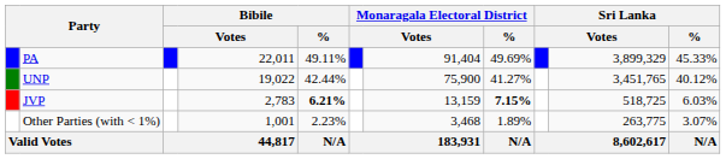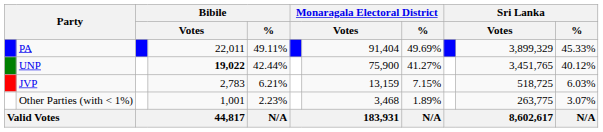 <table class="wikitable">
 <tr>
 <th colspan="2" width="144px"rowspan="2">Party</th>
 <th colspan="3" width="216px">Bibile</th>
 <th colspan="3" width="216px"><a href='#'>Monaragala Electoral District</a></th>
 <th colspan="3" width="216px">Sri Lanka</th>
 </tr>
 <tr>
 <th colspan="2" width="144px">Votes</th>
 <th>%</th>
 <th colspan="2" width="144px">Votes</th>
 <th>%</th>
 <th colspan="2" width="144px">Votes</th>
 <th>%</th>
 </tr>
 <tr>
 <td style="background-color:blue;" width="10px"></td>
 <td style="text-align:left;"><a href='#'>PA</a></td>
 <td style="background-color:blue;" width="10px"></td>
 <td style="text-align:right;">22,011</td>
 <td style="text-align:right;">49.11%</td>
 <td style="background-color:blue;" width="10px"></td>
 <td style="text-align:right;">91,404</td>
 <td style="text-align:right;">49.69%</td>
 <td style="background-color:blue;" width="10px"></td>
 <td style="text-align:right;">3,899,329</td>
 <td style="text-align:right;">45.33%</td>
 </tr>
 <tr>
 <td style="background-color:green;" width="10px"></td>
 <td style="text-align:left;"><a href='#'>UNP</a></td>
 <td style="background-color:white;" width="10px"></td>
-<td style="text-align:right;">19,022</td>
+<td style="text-align:right;"><strong>19,022</strong></td>
 <td style="text-align:right;">42.44%</td>
 <td style="background-color:white;" width="10px"></td>
 <td style="text-align:right;">75,900</td>
 <td style="text-align:right;">41.27%</td>
 <td style="background-color:white;" width="10px"></td>
 <td style="text-align:right;">3,451,765</td>
 <td style="text-align:right;">40.12%</td>
 </tr>
 <tr>
 <td style="background-color:red;" width="10px"></td>
 <td style="text-align:left;"><a href='#'>JVP</a></td>
 <td style="background-color:white;" width="10px"></td>
 <td style="text-align:right;">2,783</td>
-<td style="text-align:right;"><strong>6.21%</strong></td>
+<td style="text-align:right;">6.21%</td>
 <td style="background-color:white;" width="10px"></td>
 <td style="text-align:right;">13,159</td>
-<td style="text-align:right;"><strong>7.15%</strong></td>
+<td style="text-align:right;">7.15%</td>
 <td style="background-color:white;" width="10px"></td>
 <td style="text-align:right;">518,725</td>
 <td style="text-align:right;">6.03%</td>
 </tr>
 <tr>
 <td style="background-color:white;" width="10px"></td>
 <td style="text-align:left;">Other Parties (with < 1%)</td>
 <td style="background-color:white;" width="10px"></td>
 <td style="text-align:right;">1,001</td>
 <td style="text-align:right;">2.23%</td>
 <td style="background-color:white;" width="10px"></td>
 <td style="text-align:right;">3,468</td>
 <td style="text-align:right;">1.89%</td>
 <td style="background-color:white;" width="10px"></td>
 <td style="text-align:right;">263,775</td>
 <td style="text-align:right;">3.07%</td>
 </tr>
 <tr>
 <th colspan="2" width="144px"style="text-align:left;">Valid Votes</th>
 <th style="text-align:right;"colspan="2" width="144px">44,817</th>
 <th style="text-align:right;">N/A</th>
 <th style="text-align:right;"colspan="2" width="144px">183,931</th>
 <th style="text-align:right;">N/A</th>
 <th style="text-align:right;"colspan="2" width="144px">8,602,617</th>
 <th style="text-align:right;">N/A</th>
 </tr>
 </table>
